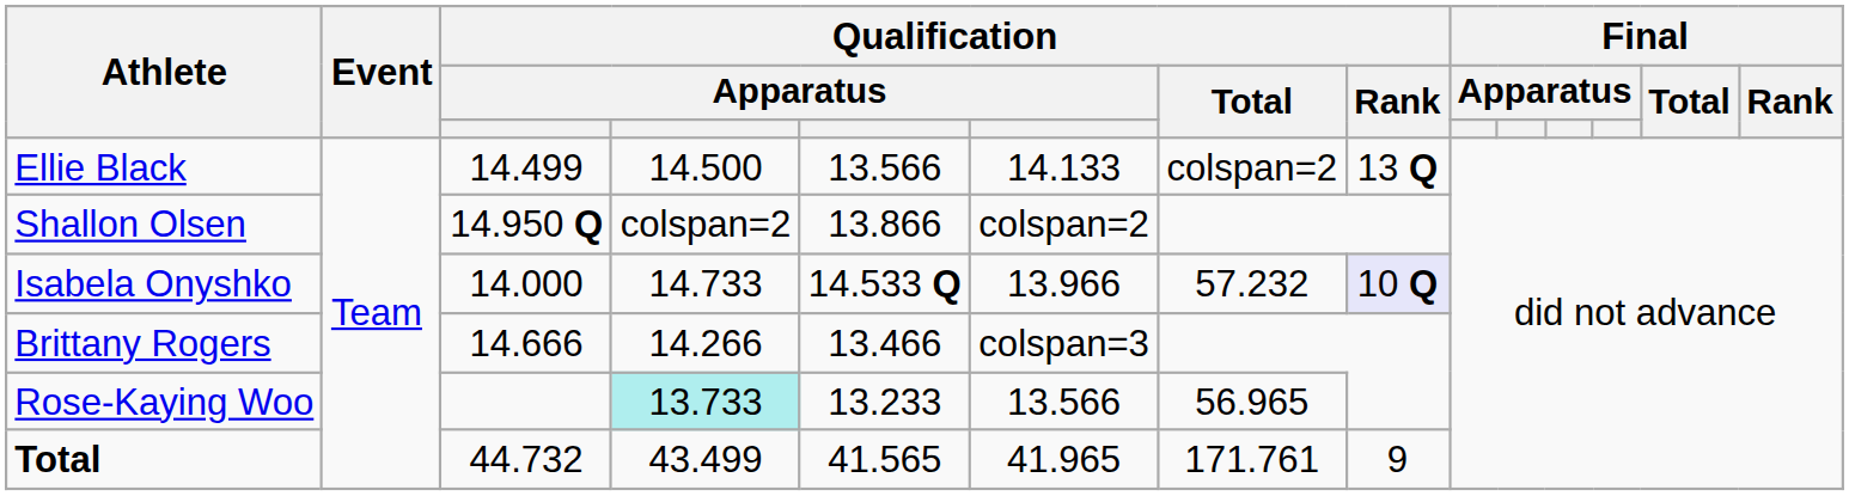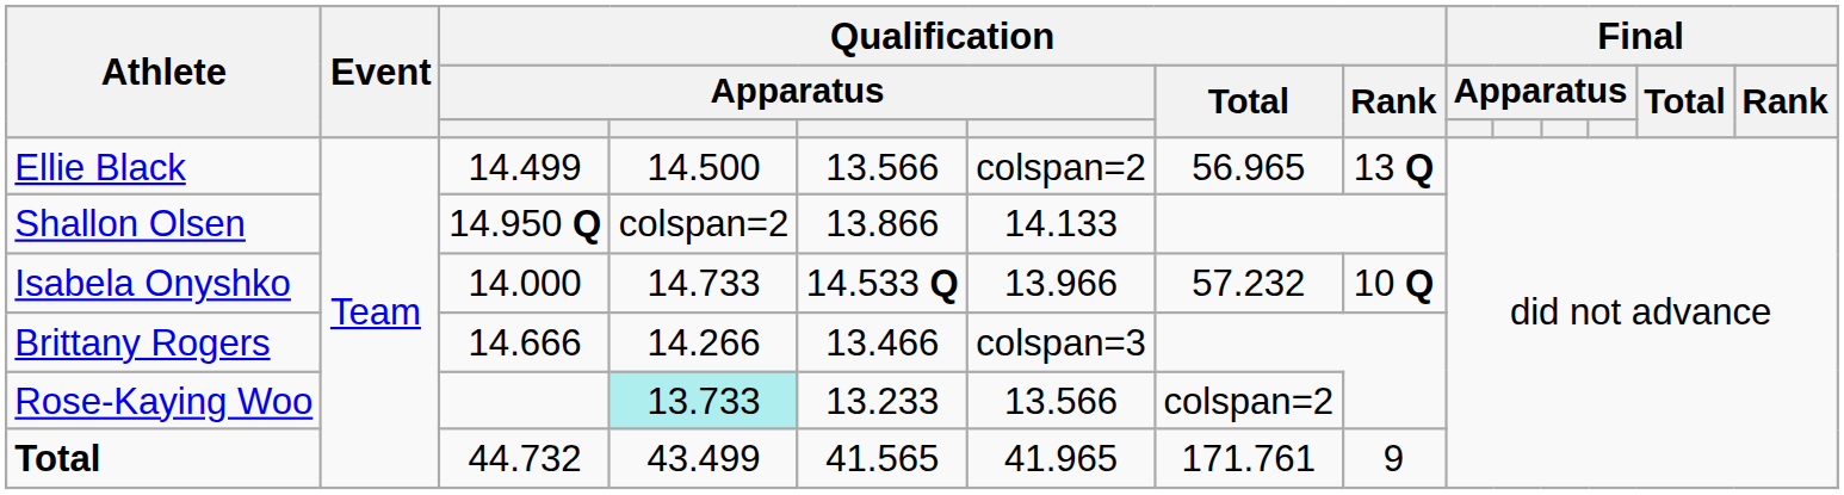 <table class="wikitable" style="font-size:90%">
 <tr>
 <th rowspan=3>Athlete</th>
 <th rowspan=3>Event</th>
 <th colspan=6>Qualification</th>
 <th colspan=6>Final</th>
 </tr>
 <tr style="font-size:95%">
 <th colspan=4>Apparatus</th>
 <th rowspan=2>Total</th>
 <th rowspan=2>Rank</th>
 <th colspan=4>Apparatus</th>
 <th rowspan=2>Total</th>
 <th rowspan=2>Rank</th>
 </tr>
 <tr style="font-size:95%">
 <th></th>
 <th></th>
 <th></th>
 <th></th>
 <th></th>
 <th></th>
 <th></th>
 <th></th>
 </tr>
 <tr align=center>
 <td align=left><a href='#'>Ellie Black</a></td>
 <td align=left rowspan=6><a href='#'>Team</a></td>
 <td>14.499</td>
 <td>14.500</td>
 <td>13.566</td>
-<td>14.133</td>
 <td>colspan=2 </td>
+<td>56.965</td>
 <td>13 <strong>Q</strong></td>
 <td rowspan=6 colspan=6>did not advance</td>
 </tr>
 <tr align=center>
 <td align=left><a href='#'>Shallon Olsen</a></td>
 <td>14.950 <strong>Q</strong></td>
 <td>colspan=2 </td>
 <td>13.866</td>
-<td>colspan=2 </td>
+<td>14.133</td>
 </tr>
 <tr align=center>
 <td align=left><a href='#'>Isabela Onyshko</a></td>
 <td>14.000</td>
 <td>14.733</td>
 <td>14.533 <strong>Q</strong></td>
 <td>13.966</td>
 <td>57.232</td>
-<td style="background: lavender;">10 <strong>Q</strong></td>
+<td>10 <strong>Q</strong></td>
 </tr>
 <tr align=center>
 <td align=left><a href='#'>Brittany Rogers</a></td>
 <td>14.666</td>
 <td>14.266</td>
 <td>13.466</td>
 <td>colspan=3 </td>
 </tr>
 <tr align=center>
 <td align=left><a href='#'>Rose-Kaying Woo</a></td>
 <td></td>
 <td style="background: paleturquoise;">13.733</td>
 <td>13.233</td>
 <td>13.566</td>
-<td>56.965</td>
+<td>colspan=2 </td>
 </tr>
 <tr align=center>
 <td align=left><strong>Total</strong></td>
 <td>44.732</td>
 <td>43.499</td>
 <td>41.565</td>
 <td>41.965</td>
 <td>171.761</td>
 <td>9</td>
 </tr>
 </table>
